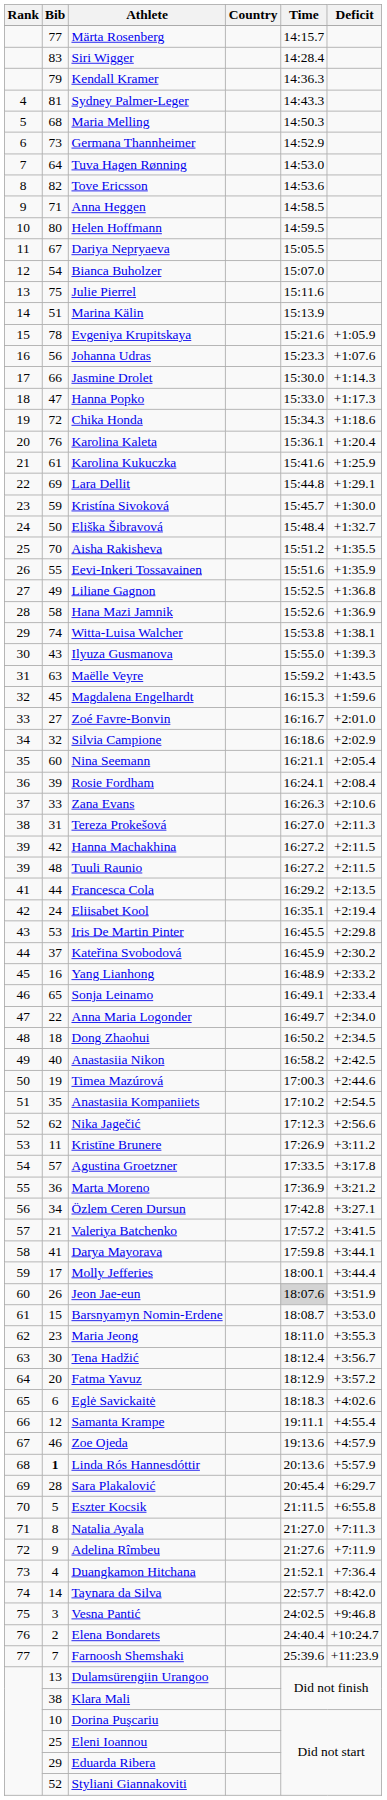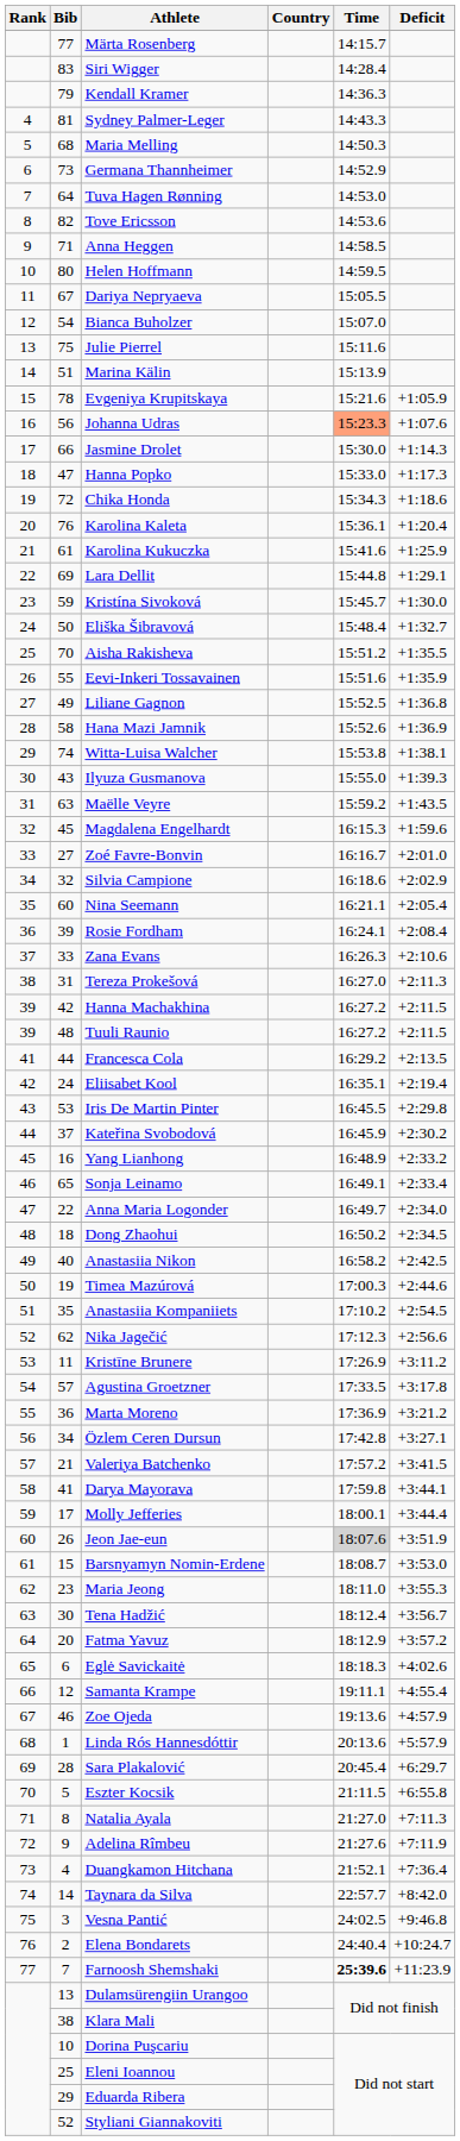 <table class="wikitable sortable" style="text-align:center">
 <tr>
 <th>Rank</th>
 <th>Bib</th>
 <th>Athlete</th>
 <th>Country</th>
 <th>Time</th>
 <th>Deficit</th>
 </tr>
 <tr>
 </tr>
 <tr>
 <td></td>
 <td>77</td>
 <td align=left><a href='#'>Märta Rosenberg</a></td>
 <td align=left></td>
 <td>14:15.7</td>
 <td></td>
 </tr>
 <tr>
 <td></td>
 <td>83</td>
 <td align=left><a href='#'>Siri Wigger</a></td>
 <td align=left></td>
 <td>14:28.4</td>
 <td></td>
 </tr>
 <tr>
 <td></td>
 <td>79</td>
 <td align=left><a href='#'>Kendall Kramer</a></td>
 <td align=left></td>
 <td>14:36.3</td>
 <td></td>
 </tr>
 <tr>
 <td>4</td>
 <td>81</td>
 <td align=left><a href='#'>Sydney Palmer-Leger</a></td>
 <td align=left></td>
 <td>14:43.3</td>
 <td></td>
 </tr>
 <tr>
 <td>5</td>
 <td>68</td>
 <td align=left><a href='#'>Maria Melling</a></td>
 <td align=left></td>
 <td>14:50.3</td>
 <td></td>
 </tr>
 <tr>
 <td>6</td>
 <td>73</td>
 <td align=left><a href='#'>Germana Thannheimer</a></td>
 <td align=left></td>
 <td>14:52.9</td>
 <td></td>
 </tr>
 <tr>
 <td>7</td>
 <td>64</td>
 <td align=left><a href='#'>Tuva Hagen Rønning</a></td>
 <td align=left></td>
 <td>14:53.0</td>
 <td></td>
 </tr>
 <tr>
 <td>8</td>
 <td>82</td>
 <td align=left><a href='#'>Tove Ericsson</a></td>
 <td align=left></td>
 <td>14:53.6</td>
 <td></td>
 </tr>
 <tr>
 <td>9</td>
 <td>71</td>
 <td align=left><a href='#'>Anna Heggen</a></td>
 <td align=left></td>
 <td>14:58.5</td>
 <td></td>
 </tr>
 <tr>
 <td>10</td>
 <td>80</td>
 <td align=left><a href='#'>Helen Hoffmann</a></td>
 <td align=left></td>
 <td>14:59.5</td>
 <td></td>
 </tr>
 <tr>
 <td>11</td>
 <td>67</td>
 <td align=left><a href='#'>Dariya Nepryaeva</a></td>
 <td align=left></td>
 <td>15:05.5</td>
 <td></td>
 </tr>
 <tr>
 <td>12</td>
 <td>54</td>
 <td align=left><a href='#'>Bianca Buholzer</a></td>
 <td align=left></td>
 <td>15:07.0</td>
 <td></td>
 </tr>
 <tr>
 <td>13</td>
 <td>75</td>
 <td align=left><a href='#'>Julie Pierrel</a></td>
 <td align=left></td>
 <td>15:11.6</td>
 <td></td>
 </tr>
 <tr>
 <td>14</td>
 <td>51</td>
 <td align=left><a href='#'>Marina Kälin</a></td>
 <td align=left></td>
 <td>15:13.9</td>
 <td></td>
 </tr>
 <tr>
 <td>15</td>
 <td>78</td>
 <td align=left><a href='#'>Evgeniya Krupitskaya</a></td>
 <td align=left></td>
 <td>15:21.6</td>
 <td>+1:05.9</td>
 </tr>
 <tr>
 <td>16</td>
 <td>56</td>
 <td align=left><a href='#'>Johanna Udras</a></td>
 <td align=left></td>
-<td>15:23.3</td>
+<td style="background: lightsalmon;">15:23.3</td>
 <td>+1:07.6</td>
 </tr>
 <tr>
 <td>17</td>
 <td>66</td>
 <td align=left><a href='#'>Jasmine Drolet</a></td>
 <td align=left></td>
 <td>15:30.0</td>
 <td>+1:14.3</td>
 </tr>
 <tr>
 <td>18</td>
 <td>47</td>
 <td align=left><a href='#'>Hanna Popko</a></td>
 <td align=left></td>
 <td>15:33.0</td>
 <td>+1:17.3</td>
 </tr>
 <tr>
 <td>19</td>
 <td>72</td>
 <td align=left><a href='#'>Chika Honda</a></td>
 <td align=left></td>
 <td>15:34.3</td>
 <td>+1:18.6</td>
 </tr>
 <tr>
 <td>20</td>
 <td>76</td>
 <td align=left><a href='#'>Karolina Kaleta</a></td>
 <td align=left></td>
 <td>15:36.1</td>
 <td>+1:20.4</td>
 </tr>
 <tr>
 <td>21</td>
 <td>61</td>
 <td align=left><a href='#'>Karolina Kukuczka</a></td>
 <td align=left></td>
 <td>15:41.6</td>
 <td>+1:25.9</td>
 </tr>
 <tr>
 <td>22</td>
 <td>69</td>
 <td align=left><a href='#'>Lara Dellit</a></td>
 <td align=left></td>
 <td>15:44.8</td>
 <td>+1:29.1</td>
 </tr>
 <tr>
 <td>23</td>
 <td>59</td>
 <td align=left><a href='#'>Kristína Sivoková</a></td>
 <td align=left></td>
 <td>15:45.7</td>
 <td>+1:30.0</td>
 </tr>
 <tr>
 <td>24</td>
 <td>50</td>
 <td align=left><a href='#'>Eliška Šibravová</a></td>
 <td align=left></td>
 <td>15:48.4</td>
 <td>+1:32.7</td>
 </tr>
 <tr>
 <td>25</td>
 <td>70</td>
 <td align=left><a href='#'>Aisha Rakisheva</a></td>
 <td align=left></td>
 <td>15:51.2</td>
 <td>+1:35.5</td>
 </tr>
 <tr>
 <td>26</td>
 <td>55</td>
 <td align=left><a href='#'>Eevi-Inkeri Tossavainen</a></td>
 <td align=left></td>
 <td>15:51.6</td>
 <td>+1:35.9</td>
 </tr>
 <tr>
 <td>27</td>
 <td>49</td>
 <td align=left><a href='#'>Liliane Gagnon</a></td>
 <td align=left></td>
 <td>15:52.5</td>
 <td>+1:36.8</td>
 </tr>
 <tr>
 <td>28</td>
 <td>58</td>
 <td align=left><a href='#'>Hana Mazi Jamnik</a></td>
 <td align=left></td>
 <td>15:52.6</td>
 <td>+1:36.9</td>
 </tr>
 <tr>
 <td>29</td>
 <td>74</td>
 <td align=left><a href='#'>Witta-Luisa Walcher</a></td>
 <td align=left></td>
 <td>15:53.8</td>
 <td>+1:38.1</td>
 </tr>
 <tr>
 <td>30</td>
 <td>43</td>
 <td align=left><a href='#'>Ilyuza Gusmanova</a></td>
 <td align=left></td>
 <td>15:55.0</td>
 <td>+1:39.3</td>
 </tr>
 <tr>
 <td>31</td>
 <td>63</td>
 <td align=left><a href='#'>Maëlle Veyre</a></td>
 <td align=left></td>
 <td>15:59.2</td>
 <td>+1:43.5</td>
 </tr>
 <tr>
 <td>32</td>
 <td>45</td>
 <td align=left><a href='#'>Magdalena Engelhardt</a></td>
 <td align=left></td>
 <td>16:15.3</td>
 <td>+1:59.6</td>
 </tr>
 <tr>
 <td>33</td>
 <td>27</td>
 <td align=left><a href='#'>Zoé Favre-Bonvin</a></td>
 <td align=left></td>
 <td>16:16.7</td>
 <td>+2:01.0</td>
 </tr>
 <tr>
 <td>34</td>
 <td>32</td>
 <td align=left><a href='#'>Silvia Campione</a></td>
 <td align=left></td>
 <td>16:18.6</td>
 <td>+2:02.9</td>
 </tr>
 <tr>
 <td>35</td>
 <td>60</td>
 <td align=left><a href='#'>Nina Seemann</a></td>
 <td align=left></td>
 <td>16:21.1</td>
 <td>+2:05.4</td>
 </tr>
 <tr>
 <td>36</td>
 <td>39</td>
 <td align=left><a href='#'>Rosie Fordham</a></td>
 <td align=left></td>
 <td>16:24.1</td>
 <td>+2:08.4</td>
 </tr>
 <tr>
 <td>37</td>
 <td>33</td>
 <td align=left><a href='#'>Zana Evans</a></td>
 <td align=left></td>
 <td>16:26.3</td>
 <td>+2:10.6</td>
 </tr>
 <tr>
 <td>38</td>
 <td>31</td>
 <td align=left><a href='#'>Tereza Prokešová</a></td>
 <td align=left></td>
 <td>16:27.0</td>
 <td>+2:11.3</td>
 </tr>
 <tr>
 <td>39</td>
 <td>42</td>
 <td align=left><a href='#'>Hanna Machakhina</a></td>
 <td align=left></td>
 <td>16:27.2</td>
 <td>+2:11.5</td>
 </tr>
 <tr>
 <td>39</td>
 <td>48</td>
 <td align=left><a href='#'>Tuuli Raunio</a></td>
 <td align=left></td>
 <td>16:27.2</td>
 <td>+2:11.5</td>
 </tr>
 <tr>
 <td>41</td>
 <td>44</td>
 <td align=left><a href='#'>Francesca Cola</a></td>
 <td align=left></td>
 <td>16:29.2</td>
 <td>+2:13.5</td>
 </tr>
 <tr>
 <td>42</td>
 <td>24</td>
 <td align=left><a href='#'>Eliisabet Kool</a></td>
 <td align=left></td>
 <td>16:35.1</td>
 <td>+2:19.4</td>
 </tr>
 <tr>
 <td>43</td>
 <td>53</td>
 <td align=left><a href='#'>Iris De Martin Pinter</a></td>
 <td align=left></td>
 <td>16:45.5</td>
 <td>+2:29.8</td>
 </tr>
 <tr>
 <td>44</td>
 <td>37</td>
 <td align=left><a href='#'>Kateřina Svobodová</a></td>
 <td align=left></td>
 <td>16:45.9</td>
 <td>+2:30.2</td>
 </tr>
 <tr>
 <td>45</td>
 <td>16</td>
 <td align=left><a href='#'>Yang Lianhong</a></td>
 <td align=left></td>
 <td>16:48.9</td>
 <td>+2:33.2</td>
 </tr>
 <tr>
 <td>46</td>
 <td>65</td>
 <td align=left><a href='#'>Sonja Leinamo</a></td>
 <td align=left></td>
 <td>16:49.1</td>
 <td>+2:33.4</td>
 </tr>
 <tr>
 <td>47</td>
 <td>22</td>
 <td align=left><a href='#'>Anna Maria Logonder</a></td>
 <td align=left></td>
 <td>16:49.7</td>
 <td>+2:34.0</td>
 </tr>
 <tr>
 <td>48</td>
 <td>18</td>
 <td align=left><a href='#'>Dong Zhaohui</a></td>
 <td align=left></td>
 <td>16:50.2</td>
 <td>+2:34.5</td>
 </tr>
 <tr>
 <td>49</td>
 <td>40</td>
 <td align=left><a href='#'>Anastasiia Nikon</a></td>
 <td align=left></td>
 <td>16:58.2</td>
 <td>+2:42.5</td>
 </tr>
 <tr>
 <td>50</td>
 <td>19</td>
 <td align=left><a href='#'>Timea Mazúrová</a></td>
 <td align=left></td>
 <td>17:00.3</td>
 <td>+2:44.6</td>
 </tr>
 <tr>
 <td>51</td>
 <td>35</td>
 <td align=left><a href='#'>Anastasiia Kompaniiets</a></td>
 <td align=left></td>
 <td>17:10.2</td>
 <td>+2:54.5</td>
 </tr>
 <tr>
 <td>52</td>
 <td>62</td>
 <td align=left><a href='#'>Nika Jagečić</a></td>
 <td align=left></td>
 <td>17:12.3</td>
 <td>+2:56.6</td>
 </tr>
 <tr>
 <td>53</td>
 <td>11</td>
 <td align=left><a href='#'>Kristīne Brunere</a></td>
 <td align=left></td>
 <td>17:26.9</td>
 <td>+3:11.2</td>
 </tr>
 <tr>
 <td>54</td>
 <td>57</td>
 <td align=left><a href='#'>Agustina Groetzner</a></td>
 <td align=left></td>
 <td>17:33.5</td>
 <td>+3:17.8</td>
 </tr>
 <tr>
 <td>55</td>
 <td>36</td>
 <td align=left><a href='#'>Marta Moreno</a></td>
 <td align=left></td>
 <td>17:36.9</td>
 <td>+3:21.2</td>
 </tr>
 <tr>
 <td>56</td>
 <td>34</td>
 <td align=left><a href='#'>Özlem Ceren Dursun</a></td>
 <td align=left></td>
 <td>17:42.8</td>
 <td>+3:27.1</td>
 </tr>
 <tr>
 <td>57</td>
 <td>21</td>
 <td align=left><a href='#'>Valeriya Batchenko</a></td>
 <td align=left></td>
 <td>17:57.2</td>
 <td>+3:41.5</td>
 </tr>
 <tr>
 <td>58</td>
 <td>41</td>
 <td align=left><a href='#'>Darya Mayorava</a></td>
 <td align=left></td>
 <td>17:59.8</td>
 <td>+3:44.1</td>
 </tr>
 <tr>
 <td>59</td>
 <td>17</td>
 <td align=left><a href='#'>Molly Jefferies</a></td>
 <td align=left></td>
 <td>18:00.1</td>
 <td>+3:44.4</td>
 </tr>
 <tr>
 <td>60</td>
 <td>26</td>
 <td align=left><a href='#'>Jeon Jae-eun</a></td>
 <td align=left></td>
 <td style="background: lightgrey;">18:07.6</td>
 <td>+3:51.9</td>
 </tr>
 <tr>
 <td>61</td>
 <td>15</td>
 <td align=left><a href='#'>Barsnyamyn Nomin-Erdene</a></td>
 <td align=left></td>
 <td>18:08.7</td>
 <td>+3:53.0</td>
 </tr>
 <tr>
 <td>62</td>
 <td>23</td>
 <td align=left><a href='#'>Maria Jeong</a></td>
 <td align=left></td>
 <td>18:11.0</td>
 <td>+3:55.3</td>
 </tr>
 <tr>
 <td>63</td>
 <td>30</td>
 <td align=left><a href='#'>Tena Hadžić</a></td>
 <td align=left></td>
 <td>18:12.4</td>
 <td>+3:56.7</td>
 </tr>
 <tr>
 <td>64</td>
 <td>20</td>
 <td align=left><a href='#'>Fatma Yavuz</a></td>
 <td align=left></td>
 <td>18:12.9</td>
 <td>+3:57.2</td>
 </tr>
 <tr>
 <td>65</td>
 <td>6</td>
 <td align=left><a href='#'>Eglė Savickaitė</a></td>
 <td align=left></td>
 <td>18:18.3</td>
 <td>+4:02.6</td>
 </tr>
 <tr>
 <td>66</td>
 <td>12</td>
 <td align=left><a href='#'>Samanta Krampe</a></td>
 <td align=left></td>
 <td>19:11.1</td>
 <td>+4:55.4</td>
 </tr>
 <tr>
 <td>67</td>
 <td>46</td>
 <td align=left><a href='#'>Zoe Ojeda</a></td>
 <td align=left></td>
 <td>19:13.6</td>
 <td>+4:57.9</td>
 </tr>
 <tr>
 <td>68</td>
-<td><strong>1</strong></td>
+<td>1</td>
 <td align=left><a href='#'>Linda Rós Hannesdóttir</a></td>
 <td align=left></td>
 <td>20:13.6</td>
 <td>+5:57.9</td>
 </tr>
 <tr>
 <td>69</td>
 <td>28</td>
 <td align=left><a href='#'>Sara Plakalović</a></td>
 <td align=left></td>
 <td>20:45.4</td>
 <td>+6:29.7</td>
 </tr>
 <tr>
 <td>70</td>
 <td>5</td>
 <td align=left><a href='#'>Eszter Kocsik</a></td>
 <td align=left></td>
 <td>21:11.5</td>
 <td>+6:55.8</td>
 </tr>
 <tr>
 <td>71</td>
 <td>8</td>
 <td align=left><a href='#'>Natalia Ayala</a></td>
 <td align=left></td>
 <td>21:27.0</td>
 <td>+7:11.3</td>
 </tr>
 <tr>
 <td>72</td>
 <td>9</td>
 <td align=left><a href='#'>Adelina Rîmbeu</a></td>
 <td align=left></td>
 <td>21:27.6</td>
 <td>+7:11.9</td>
 </tr>
 <tr>
 <td>73</td>
 <td>4</td>
 <td align=left><a href='#'>Duangkamon Hitchana</a></td>
 <td align=left></td>
 <td>21:52.1</td>
 <td>+7:36.4</td>
 </tr>
 <tr>
 <td>74</td>
 <td>14</td>
 <td align=left><a href='#'>Taynara da Silva</a></td>
 <td align=left></td>
 <td>22:57.7</td>
 <td>+8:42.0</td>
 </tr>
 <tr>
 <td>75</td>
 <td>3</td>
 <td align=left><a href='#'>Vesna Pantić</a></td>
 <td align=left></td>
 <td>24:02.5</td>
 <td>+9:46.8</td>
 </tr>
 <tr>
 <td>76</td>
 <td>2</td>
 <td align=left><a href='#'>Elena Bondarets</a></td>
 <td align=left></td>
 <td>24:40.4</td>
 <td>+10:24.7</td>
 </tr>
 <tr>
 <td>77</td>
 <td>7</td>
 <td align=left><a href='#'>Farnoosh Shemshaki</a></td>
 <td align=left></td>
-<td>25:39.6</td>
+<td><strong>25:39.6</strong></td>
 <td>+11:23.9</td>
 </tr>
 <tr>
 <td rowspan=6></td>
 <td>13</td>
 <td align=left><a href='#'>Dulamsürengiin Urangoo</a></td>
 <td align=left></td>
 <td colspan=2 rowspan=2>Did not finish</td>
 </tr>
 <tr>
 <td>38</td>
 <td align=left><a href='#'>Klara Mali</a></td>
 <td align=left></td>
 </tr>
 <tr>
 <td>10</td>
 <td align=left><a href='#'>Dorina Puşcariu</a></td>
 <td align=left></td>
 <td colspan=2 rowspan=4>Did not start</td>
 </tr>
 <tr>
 <td>25</td>
 <td align=left><a href='#'>Eleni Ioannou</a></td>
 <td align=left></td>
 </tr>
 <tr>
 <td>29</td>
 <td align=left><a href='#'>Eduarda Ribera</a></td>
 <td align=left></td>
 </tr>
 <tr>
 <td>52</td>
 <td align=left><a href='#'>Styliani Giannakoviti</a></td>
 <td align=left></td>
 </tr>
 </table>
